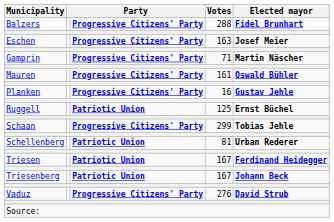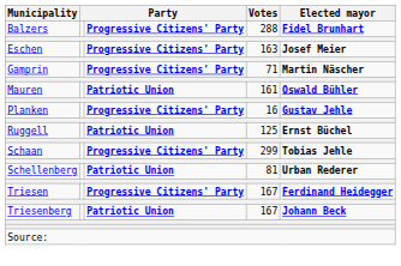 <table class="wikitable" style="text-align:right">
 <tr>
 <th>Municipality</th>
 <th colspan="2">Party</th>
 <th>Votes</th>
 <th>Elected mayor</th>
 </tr>
 <tr>
 <td align="left"><a href='#'>Balzers</a></td>
 <td style="color:inherit;background:"></td>
 <td align="left"><strong><a href='#'>Progressive Citizens' Party</a></strong></td>
 <td>288</td>
 <td align="left"><strong><a href='#'>Fidel Brunhart</a></strong></td>
 </tr>
 <tr>
 <th colspan="5"></th>
 </tr>
 <tr>
 <td align="left"><a href='#'>Eschen</a></td>
 <td style="color:inherit;background:"></td>
 <td align="left"><strong><a href='#'>Progressive Citizens' Party</a></strong></td>
 <td>163</td>
 <td align="left"><strong>Josef Meier</strong></td>
 </tr>
 <tr>
 <th colspan="5"></th>
 </tr>
 <tr>
 <td align="left"><a href='#'>Gamprin</a></td>
 <td style="color:inherit;background:"></td>
 <td align="left"><strong><a href='#'>Progressive Citizens' Party</a></strong></td>
 <td>71</td>
 <td align="left"><strong>Martin Näscher</strong></td>
 </tr>
 <tr>
 <th colspan="5"></th>
 </tr>
 <tr>
 <td align="left"><a href='#'>Mauren</a></td>
 <td style="color:inherit;background:"></td>
-<td align="left"><strong><a href='#'>Progressive Citizens' Party</a></strong></td>
+<td align="left"><a href='#'><strong>Patriotic Union</strong></a></td>
 <td>161</td>
 <td align="left"><strong><a href='#'>Oswald Bühler</a></strong></td>
 </tr>
 <tr>
 <th colspan="5"></th>
 </tr>
 <tr>
 <td align="left"><a href='#'>Planken</a></td>
 <td style="color:inherit;background:"></td>
 <td align="left"><strong><a href='#'>Progressive Citizens' Party</a></strong></td>
 <td>16</td>
 <td align="left"><strong><a href='#'>Gustav Jehle</a></strong></td>
 </tr>
 <tr>
 <th colspan="5"></th>
 </tr>
 <tr>
 <td align="left"><a href='#'>Ruggell</a></td>
 <td style="color:inherit;background:"></td>
 <td align="left"><a href='#'><strong>Patriotic Union</strong></a></td>
 <td>125</td>
 <td align="left"><strong>Ernst Büchel</strong></td>
 </tr>
 <tr>
 <th colspan="5"></th>
 </tr>
 <tr>
 <td align="left"><a href='#'>Schaan</a></td>
 <td style="color:inherit;background:"></td>
 <td align="left"><strong><a href='#'>Progressive Citizens' Party</a></strong></td>
 <td>299</td>
 <td align="left"><strong>Tobias Jehle</strong></td>
 </tr>
 <tr>
 <th colspan="5"></th>
 </tr>
 <tr>
 <td align="left"><a href='#'>Schellenberg</a></td>
 <td style="color:inherit;background:"></td>
 <td align="left"><a href='#'><strong>Patriotic Union</strong></a></td>
 <td>81</td>
 <td align="left"><strong>Urban Rederer</strong></td>
 </tr>
 <tr>
 <th colspan="5"></th>
 </tr>
 <tr>
 <td align="left"><a href='#'>Triesen</a></td>
 <td style="color:inherit;background:"></td>
-<td align="left"><a href='#'><strong>Patriotic Union</strong></a></td>
+<td align="left"><strong><a href='#'>Progressive Citizens' Party</a></strong></td>
 <td>167</td>
 <td align="left"><strong><a href='#'>Ferdinand Heidegger</a></strong></td>
 </tr>
 <tr>
 <th colspan="5"></th>
 </tr>
 <tr>
 <td align="left"><a href='#'>Triesenberg</a></td>
 <td style="color:inherit;background:"></td>
 <td align="left"><a href='#'><strong>Patriotic Union</strong></a></td>
 <td>167</td>
 <td align="left"><strong><a href='#'>Johann Beck</a></strong></td>
 </tr>
 <tr>
 <th colspan="5"></th>
 </tr>
 <tr>
-<td align="left"><a href='#'>Vaduz</a></td>
-<td style="color:inherit;background:"></td>
-<td align="left"><strong><a href='#'>Progressive Citizens' Party</a></strong></td>
-<td>276</td>
-<td align="left"><strong><a href='#'>David Strub</a></strong></td>
-</tr>
-<tr>
 <th colspan="5"></th>
 </tr>
 <tr>
 <td colspan="5" align="left">Source: </td>
 </tr>
 </table>
